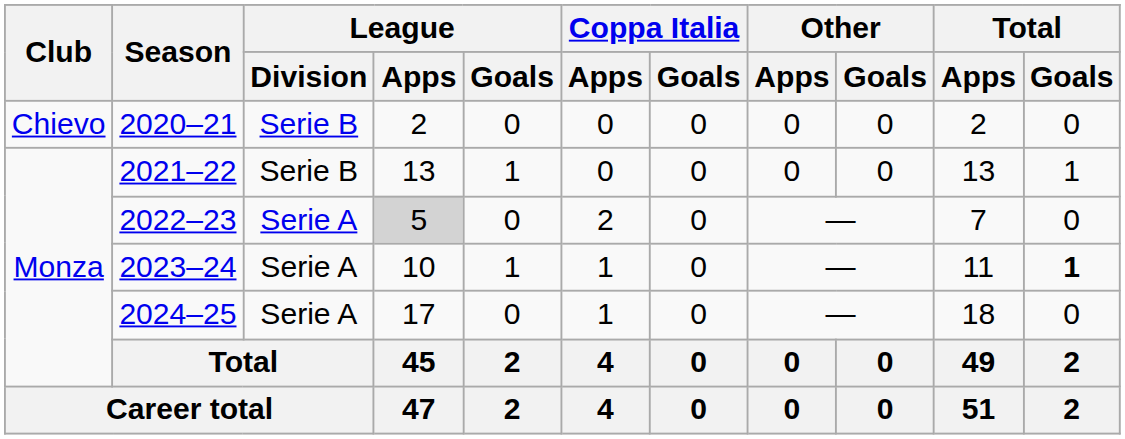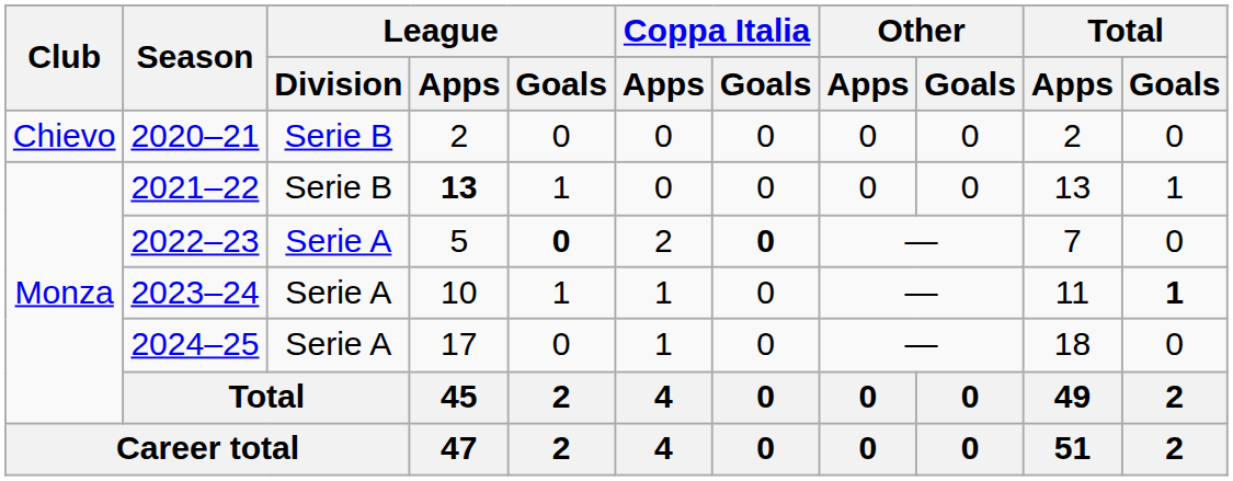 <table class="wikitable" style="text-align:center">
 <tr>
 <th rowspan="2">Club</th>
 <th rowspan="2">Season</th>
 <th colspan="3">League</th>
 <th colspan="2"><a href='#'>Coppa Italia</a></th>
 <th colspan="2">Other</th>
 <th colspan="2">Total</th>
 </tr>
 <tr>
 <th>Division</th>
 <th>Apps</th>
 <th>Goals</th>
 <th>Apps</th>
 <th>Goals</th>
 <th>Apps</th>
 <th>Goals</th>
 <th>Apps</th>
 <th>Goals</th>
 </tr>
 <tr>
 <td><a href='#'>Chievo</a></td>
 <td><a href='#'>2020–21</a></td>
 <td><a href='#'>Serie B</a></td>
 <td>2</td>
 <td>0</td>
 <td>0</td>
 <td>0</td>
 <td>0</td>
 <td>0</td>
 <td>2</td>
 <td>0</td>
 </tr>
 <tr>
 <td rowspan="5"><a href='#'>Monza</a></td>
 <td><a href='#'>2021–22</a></td>
 <td>Serie B</td>
-<td>13</td>
+<td><strong>13</strong></td>
 <td>1</td>
 <td>0</td>
 <td>0</td>
 <td>0</td>
 <td>0</td>
 <td>13</td>
 <td>1</td>
 </tr>
 <tr>
 <td><a href='#'>2022–23</a></td>
 <td><a href='#'>Serie A</a></td>
-<td style="background: lightgrey;">5</td>
-<td>0</td>
+<td>5</td>
+<td><strong>0</strong></td>
 <td>2</td>
-<td>0</td>
+<td><strong>0</strong></td>
 <td colspan="2">—</td>
 <td>7</td>
 <td>0</td>
 </tr>
 <tr>
 <td><a href='#'>2023–24</a></td>
 <td>Serie A</td>
 <td>10</td>
 <td>1</td>
 <td>1</td>
 <td>0</td>
 <td colspan="2">—</td>
 <td>11</td>
 <td><strong>1</strong></td>
 </tr>
 <tr>
 <td><a href='#'>2024–25</a></td>
 <td>Serie A</td>
 <td>17</td>
 <td>0</td>
 <td>1</td>
 <td>0</td>
 <td colspan="2">—</td>
 <td>18</td>
 <td>0</td>
 </tr>
 <tr>
 <th colspan="2">Total</th>
 <th>45</th>
 <th>2</th>
 <th>4</th>
 <th>0</th>
 <th>0</th>
 <th>0</th>
 <th>49</th>
 <th>2</th>
 </tr>
 <tr>
 <th colspan="3">Career total</th>
 <th>47</th>
 <th>2</th>
 <th>4</th>
 <th>0</th>
 <th>0</th>
 <th>0</th>
 <th>51</th>
 <th>2</th>
 </tr>
 </table>
